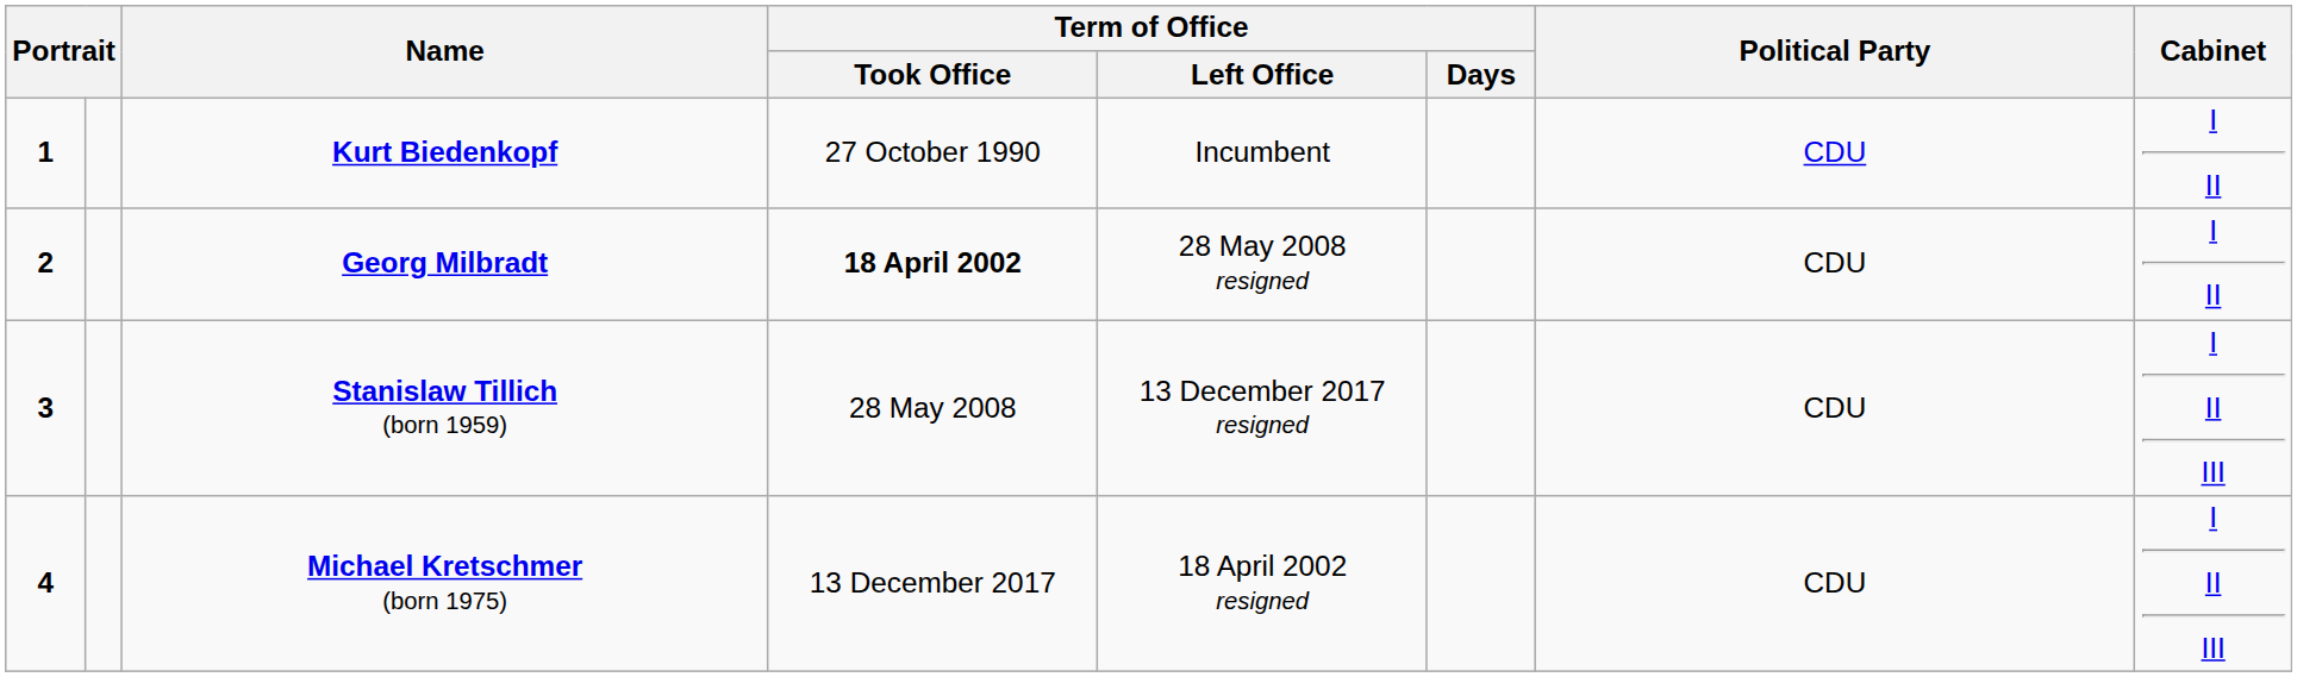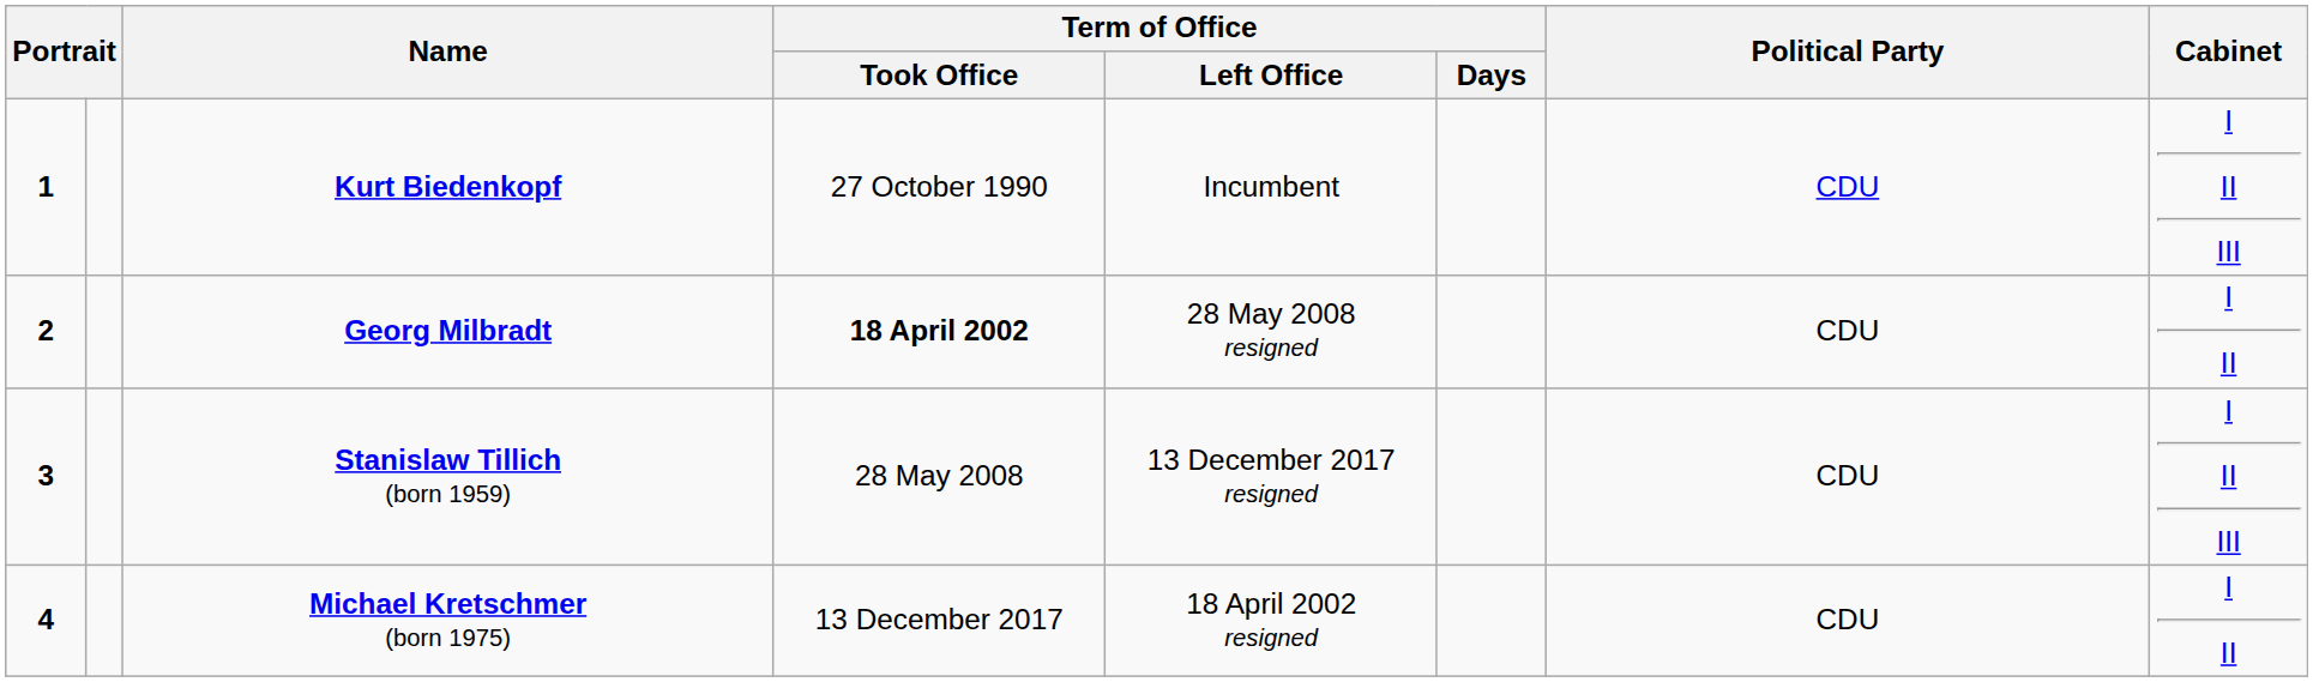 <table class="wikitable" style="text-align:center; width:100%; border:1px #AAAAFF solid">
 <tr>
 <th width=80px rowspan=2 colspan=2>Portrait</th>
 <th width=30% rowspan=2>Name<br></th>
 <th width=35% colspan=3>Term of Office</th>
 <th width=28% rowspan=2>Political Party</th>
 <th width=28% rowspan=2>Cabinet</th>
 </tr>
 <tr>
 <th>Took Office</th>
 <th>Left Office</th>
 <th>Days</th>
 </tr>
 <tr>
 <td style="background:"><strong>1</strong></td>
 <td></td>
 <td><strong><a href='#'>Kurt Biedenkopf</a></strong><br></td>
 <td>27 October 1990</td>
 <td>Incumbent</td>
 <td></td>
 <td><a href='#'>CDU</a></td>
-<td><a href='#'>I</a><hr><a href='#'>II</a></td>
+<td><a href='#'>I</a><hr><a href='#'>II</a><hr><a href='#'>III</a></td>
 </tr>
 <tr>
 <td style="background:"><strong>2</strong></td>
 <td></td>
 <td><strong><a href='#'>Georg Milbradt</a></strong><br></td>
 <td><strong>18 April 2002</strong></td>
 <td>28 May 2008<br><small><em>resigned</em></small></td>
 <td></td>
 <td>CDU</td>
 <td><a href='#'>I</a><hr><a href='#'>II</a></td>
 </tr>
 <tr>
 <td style="background:"><strong>3</strong></td>
 <td></td>
 <td><strong><a href='#'>Stanislaw Tillich</a></strong><br><small>(born 1959)</small></td>
 <td>28 May 2008</td>
 <td>13 December 2017<br><small><em>resigned</em></small></td>
 <td></td>
 <td>CDU</td>
 <td><a href='#'>I</a><hr><a href='#'>II</a><hr><a href='#'>III</a></td>
 </tr>
 <tr>
 <td style="background:"><strong>4</strong></td>
 <td></td>
 <td><strong><a href='#'>Michael Kretschmer</a></strong><br><small>(born 1975)</small></td>
 <td>13 December 2017</td>
 <td>18 April 2002<br><small><em>resigned</em></small></td>
 <td></td>
 <td>CDU</td>
-<td><a href='#'>I</a><hr><a href='#'>II</a><hr><a href='#'>III</a></td>
+<td><a href='#'>I</a><hr><a href='#'>II</a></td>
 </tr>
 </table>
